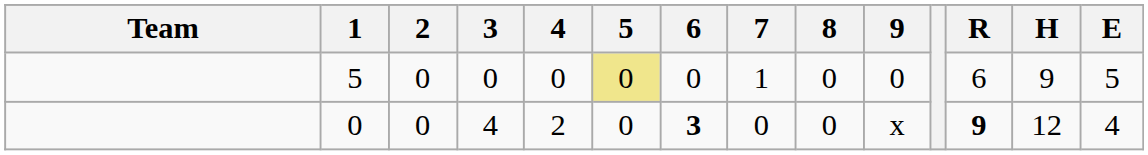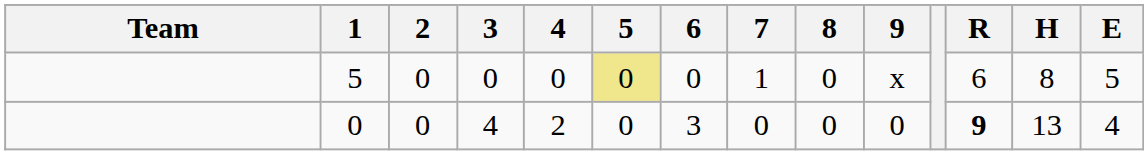 <table border=1 cellspacing=0 width=600 style="margin-left:3em;" class="wikitable">
 <tr style="text-align:center; background-color:#e6e6e6;">
 <th align=left width=28%>Team</th>
 <th width=6%>1</th>
 <th width=6%>2</th>
 <th width=6%>3</th>
 <th width=6%>4</th>
 <th width=6%>5</th>
 <th width=6%>6</th>
 <th width=6%>7</th>
 <th width=6%>8</th>
 <th width=6%>9</th>
 <th rowspan="3" width=0.5%></th>
 <th width=6%>R</th>
 <th width=6%>H</th>
 <th width=6%>E</th>
 </tr>
 <tr style="text-align:center;">
 <td align=left></td>
 <td>5</td>
 <td>0</td>
 <td>0</td>
 <td>0</td>
 <td style="background: khaki;">0</td>
 <td>0</td>
 <td>1</td>
 <td>0</td>
-<td>0</td>
+<td>x</td>
 <td>6</td>
-<td>9</td>
+<td>8</td>
 <td>5</td>
 </tr>
 <tr style="text-align:center;">
 <td align=left></td>
 <td>0</td>
 <td>0</td>
 <td>4</td>
 <td>2</td>
 <td>0</td>
-<td><strong>3</strong></td>
+<td>3</td>
 <td>0</td>
 <td>0</td>
-<td>x</td>
+<td>0</td>
 <td><strong>9</strong></td>
-<td>12</td>
+<td>13</td>
 <td>4</td>
 </tr>
 </table>
